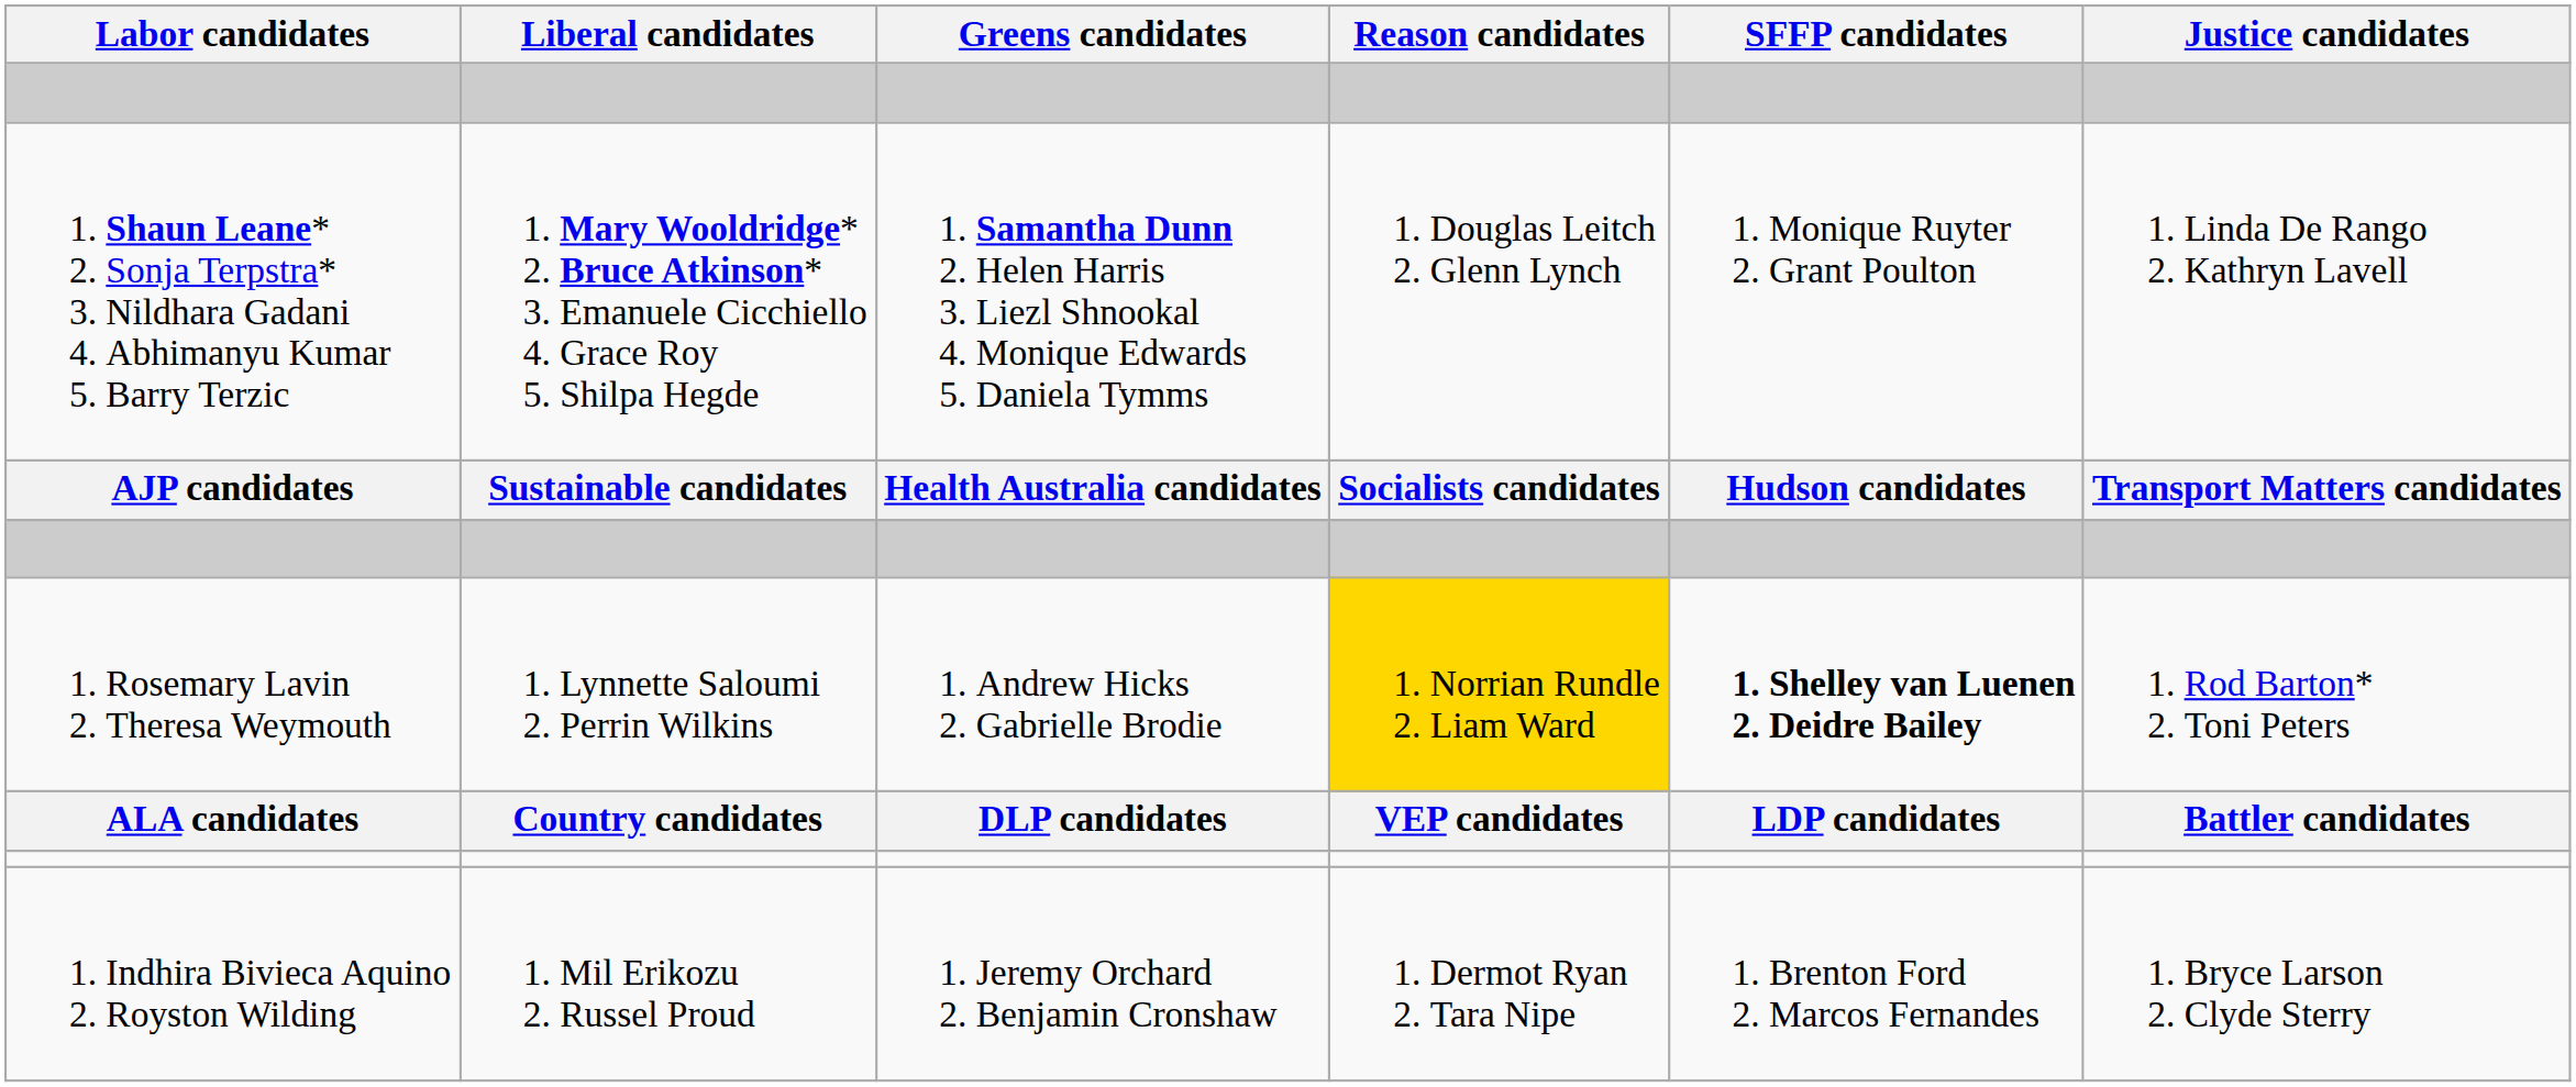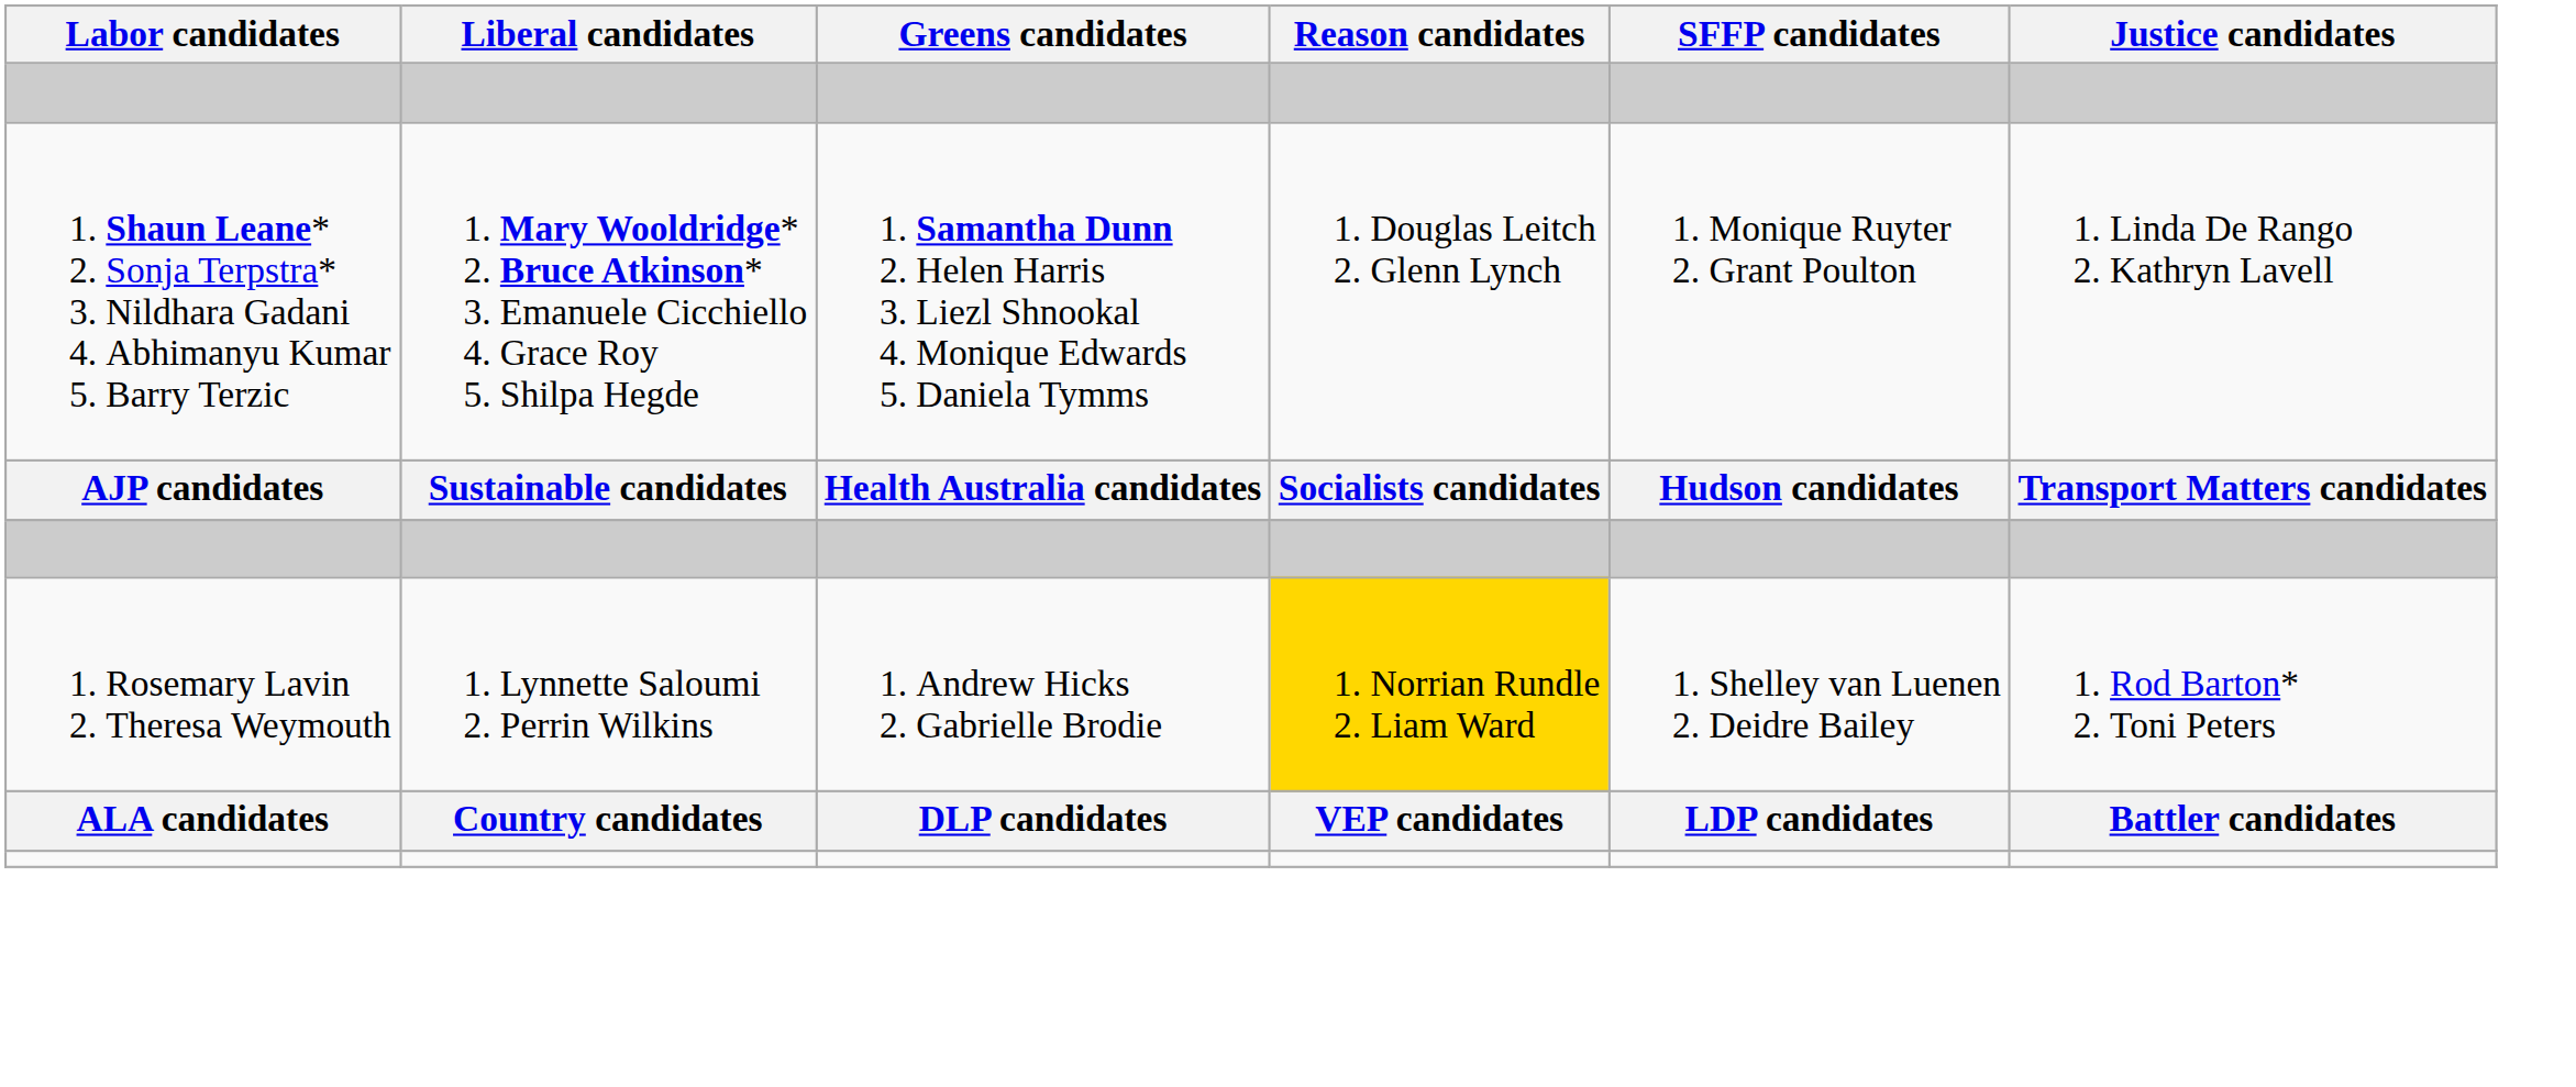 <table class="wikitable">
 <tr>
 <th><a href='#'>Labor</a> candidates</th>
 <th><a href='#'>Liberal</a> candidates</th>
 <th><a href='#'>Greens</a> candidates</th>
 <th><a href='#'>Reason</a> candidates</th>
 <th><a href='#'>SFFP</a> candidates</th>
 <th><a href='#'>Justice</a> candidates</th>
 </tr>
 <tr bgcolor="#cccccc">
 <td></td>
 <td></td>
 <td></td>
 <td></td>
 <td></td>
 <td> </td>
 </tr>
 <tr>
 <td><br><ol><li><strong><a href='#'>Shaun Leane</a></strong>*</li><li><a href='#'>Sonja Terpstra</a>*</li><li>Nildhara Gadani</li><li>Abhimanyu Kumar</li><li>Barry Terzic</li></ol></td>
 <td><br><ol><li><strong><a href='#'>Mary Wooldridge</a></strong>*</li><li><strong><a href='#'>Bruce Atkinson</a></strong>*</li><li>Emanuele Cicchiello</li><li>Grace Roy</li><li>Shilpa Hegde</li></ol></td>
 <td valign=top><br><ol><li><strong><a href='#'>Samantha Dunn</a></strong></li><li>Helen Harris</li><li>Liezl Shnookal</li><li>Monique Edwards</li><li>Daniela Tymms</li></ol></td>
 <td valign=top><br><ol><li>Douglas Leitch</li><li>Glenn Lynch</li></ol></td>
 <td valign=top><br><ol><li>Monique Ruyter</li><li>Grant Poulton</li></ol></td>
 <td valign=top><br><ol><li>Linda De Rango</li><li>Kathryn Lavell</li></ol></td>
 </tr>
 <tr bgcolor="#cccccc">
 <th><a href='#'>AJP</a> candidates</th>
 <th><a href='#'>Sustainable</a> candidates</th>
 <th><a href='#'>Health Australia</a> candidates</th>
 <th><a href='#'>Socialists</a> candidates</th>
 <th><a href='#'>Hudson</a> candidates</th>
 <th><a href='#'>Transport Matters</a> candidates</th>
 </tr>
 <tr bgcolor="#cccccc">
 <td></td>
 <td></td>
 <td></td>
 <td></td>
 <td></td>
 <td> </td>
 </tr>
 <tr>
 <td valign=top><br><ol><li>Rosemary Lavin</li><li>Theresa Weymouth</li></ol></td>
 <td valign=top><br><ol><li>Lynnette Saloumi</li><li>Perrin Wilkins</li></ol></td>
 <td valign=top><br><ol><li>Andrew Hicks</li><li>Gabrielle Brodie</li></ol></td>
 <td valign=top style="background: gold;"><br><ol><li>Norrian Rundle</li><li>Liam Ward</li></ol></td>
-<td valign=top><strong><br><ol><li>Shelley van Luenen</li><li>Deidre Bailey</li></ol></strong></td>
+<td valign=top><br><ol><li>Shelley van Luenen</li><li>Deidre Bailey</li></ol></td>
 <td><br><ol><li><a href='#'>Rod Barton</a>*</li><li>Toni Peters</li></ol></td>
 </tr>
 <tr bgcolor="#cccccc">
 <th><a href='#'>ALA</a> candidates</th>
 <th><a href='#'>Country</a> candidates</th>
 <th><a href='#'>DLP</a> candidates</th>
 <th><a href='#'>VEP</a> candidates</th>
 <th><a href='#'>LDP</a> candidates</th>
 <th><a href='#'>Battler</a> candidates</th>
 </tr>
 <tr>
 <td></td>
 <td></td>
 <td></td>
 <td></td>
 <td></td>
 <td></td>
 </tr>
-<tr>
-<td valign=top><br><ol><li>Indhira Bivieca Aquino</li><li>Royston Wilding</li></ol></td>
-<td valign=top><br><ol><li>Mil Erikozu</li><li>Russel Proud</li></ol></td>
-<td valign=top><br><ol><li>Jeremy Orchard</li><li>Benjamin Cronshaw</li></ol></td>
-<td valign=top><br><ol><li>Dermot Ryan</li><li>Tara Nipe</li></ol></td>
-<td valign=top><br><ol><li>Brenton Ford</li><li>Marcos Fernandes</li></ol></td>
-<td valign=top><br><ol><li>Bryce Larson</li><li>Clyde Sterry</li></ol></td>
-</tr>
 </table>
